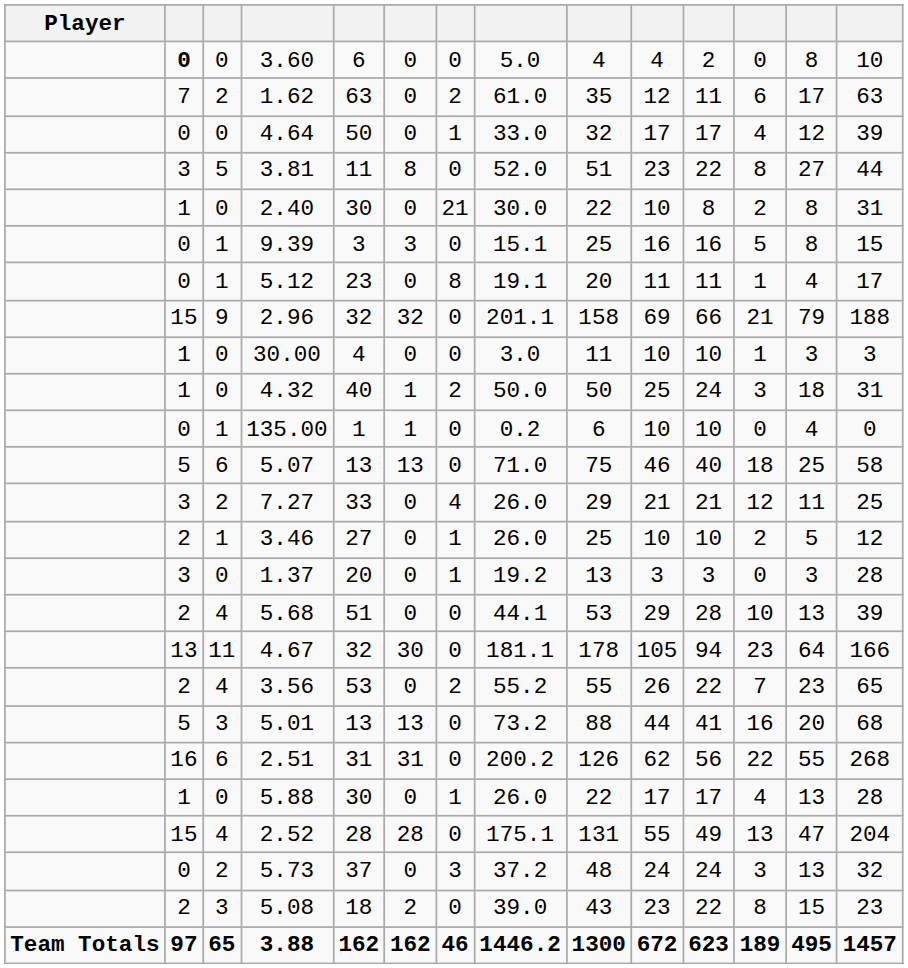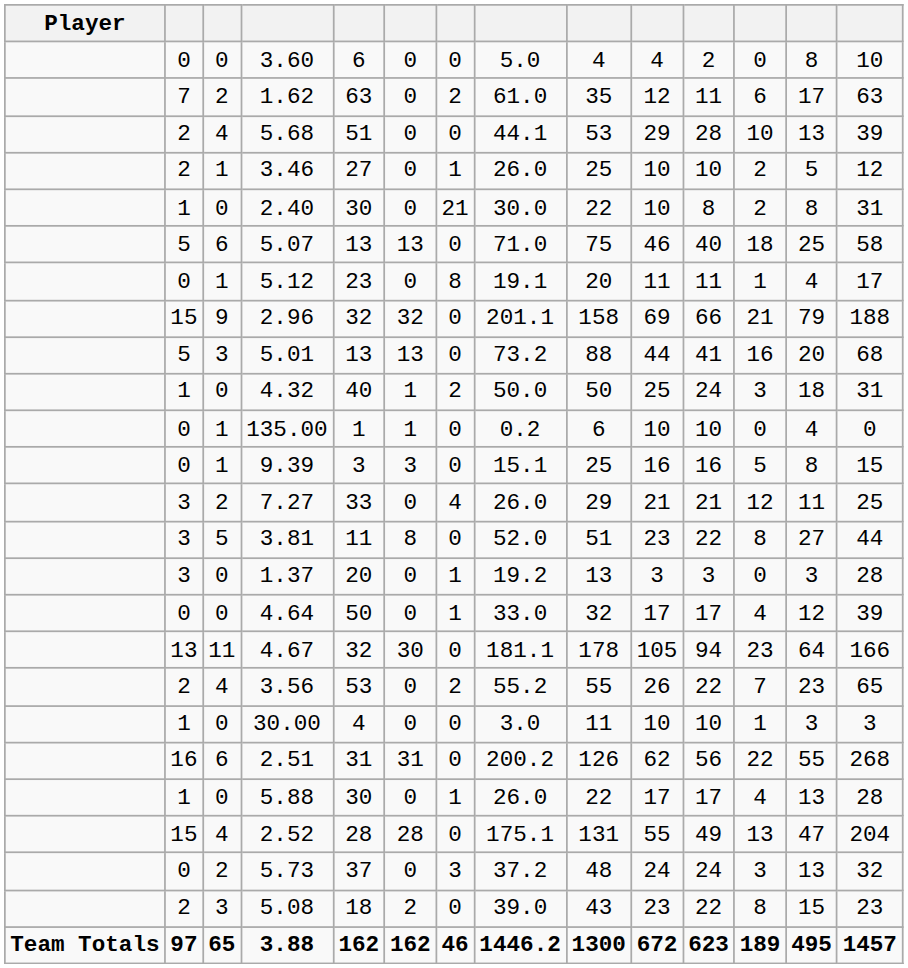 <table class="wikitable sortable" style="text-align:center;">
 <tr>
 <th>Player</th>
 <th></th>
 <th></th>
 <th></th>
 <th></th>
 <th></th>
 <th></th>
 <th></th>
 <th></th>
 <th></th>
 <th></th>
 <th></th>
 <th></th>
 <th></th>
 </tr>
 <tr>
 <td align=left></td>
-<td><strong>0</strong></td>
+<td>0</td>
 <td>0</td>
 <td>3.60</td>
 <td>6</td>
 <td>0</td>
 <td>0</td>
 <td>5.0</td>
 <td>4</td>
 <td>4</td>
 <td>2</td>
 <td>0</td>
 <td>8</td>
 <td>10</td>
 </tr>
 <tr>
 <td align=left></td>
 <td>7</td>
 <td>2</td>
 <td>1.62</td>
 <td>63</td>
 <td>0</td>
 <td>2</td>
 <td>61.0</td>
 <td>35</td>
 <td>12</td>
 <td>11</td>
 <td>6</td>
 <td>17</td>
 <td>63</td>
 </tr>
 <tr>
 <td align=left></td>
+<td>2</td>
+<td>4</td>
+<td>5.68</td>
+<td>51</td>
 <td>0</td>
 <td>0</td>
-<td>4.64</td>
-<td>50</td>
-<td>0</td>
-<td>1</td>
-<td>33.0</td>
-<td>32</td>
-<td>17</td>
-<td>17</td>
-<td>4</td>
-<td>12</td>
+<td>44.1</td>
+<td>53</td>
+<td>29</td>
+<td>28</td>
+<td>10</td>
+<td>13</td>
 <td>39</td>
 </tr>
 <tr>
 <td align=left></td>
-<td>3</td>
+<td>2</td>
+<td>1</td>
+<td>3.46</td>
+<td>27</td>
+<td>0</td>
+<td>1</td>
+<td>26.0</td>
+<td>25</td>
+<td>10</td>
+<td>10</td>
+<td>2</td>
 <td>5</td>
-<td>3.81</td>
-<td>11</td>
-<td>8</td>
-<td>0</td>
-<td>52.0</td>
-<td>51</td>
-<td>23</td>
-<td>22</td>
-<td>8</td>
-<td>27</td>
-<td>44</td>
+<td>12</td>
 </tr>
 <tr>
 <td align=left></td>
 <td>1</td>
 <td>0</td>
 <td>2.40</td>
 <td>30</td>
 <td>0</td>
 <td>21</td>
 <td>30.0</td>
 <td>22</td>
 <td>10</td>
 <td>8</td>
 <td>2</td>
 <td>8</td>
 <td>31</td>
 </tr>
 <tr>
 <td align=left></td>
+<td>5</td>
+<td>6</td>
+<td>5.07</td>
+<td>13</td>
+<td>13</td>
 <td>0</td>
-<td>1</td>
-<td>9.39</td>
-<td>3</td>
-<td>3</td>
-<td>0</td>
-<td>15.1</td>
+<td>71.0</td>
+<td>75</td>
+<td>46</td>
+<td>40</td>
+<td>18</td>
 <td>25</td>
-<td>16</td>
-<td>16</td>
-<td>5</td>
-<td>8</td>
-<td>15</td>
+<td>58</td>
 </tr>
 <tr>
 <td align=left></td>
 <td>0</td>
 <td>1</td>
 <td>5.12</td>
 <td>23</td>
 <td>0</td>
 <td>8</td>
 <td>19.1</td>
 <td>20</td>
 <td>11</td>
 <td>11</td>
 <td>1</td>
 <td>4</td>
 <td>17</td>
 </tr>
 <tr>
 <td align=left></td>
 <td>15</td>
 <td>9</td>
 <td>2.96</td>
 <td>32</td>
 <td>32</td>
 <td>0</td>
 <td>201.1</td>
 <td>158</td>
 <td>69</td>
 <td>66</td>
 <td>21</td>
 <td>79</td>
 <td>188</td>
 </tr>
 <tr>
 <td align=left></td>
-<td>1</td>
+<td>5</td>
+<td>3</td>
+<td>5.01</td>
+<td>13</td>
+<td>13</td>
 <td>0</td>
-<td>30.00</td>
-<td>4</td>
-<td>0</td>
-<td>0</td>
-<td>3.0</td>
-<td>11</td>
-<td>10</td>
-<td>10</td>
-<td>1</td>
-<td>3</td>
-<td>3</td>
+<td>73.2</td>
+<td>88</td>
+<td>44</td>
+<td>41</td>
+<td>16</td>
+<td>20</td>
+<td>68</td>
 </tr>
 <tr>
 <td align=left></td>
 <td>1</td>
 <td>0</td>
 <td>4.32</td>
 <td>40</td>
 <td>1</td>
 <td>2</td>
 <td>50.0</td>
 <td>50</td>
 <td>25</td>
 <td>24</td>
 <td>3</td>
 <td>18</td>
 <td>31</td>
 </tr>
 <tr>
 <td align=left></td>
 <td>0</td>
 <td>1</td>
 <td>135.00</td>
 <td>1</td>
 <td>1</td>
 <td>0</td>
 <td>0.2</td>
 <td>6</td>
 <td>10</td>
 <td>10</td>
 <td>0</td>
 <td>4</td>
 <td>0</td>
 </tr>
 <tr>
 <td align=left></td>
+<td>0</td>
+<td>1</td>
+<td>9.39</td>
+<td>3</td>
+<td>3</td>
+<td>0</td>
+<td>15.1</td>
+<td>25</td>
+<td>16</td>
+<td>16</td>
 <td>5</td>
-<td>6</td>
-<td>5.07</td>
-<td>13</td>
-<td>13</td>
-<td>0</td>
-<td>71.0</td>
-<td>75</td>
-<td>46</td>
-<td>40</td>
-<td>18</td>
-<td>25</td>
-<td>58</td>
+<td>8</td>
+<td>15</td>
 </tr>
 <tr>
 <td align=left></td>
 <td>3</td>
 <td>2</td>
 <td>7.27</td>
 <td>33</td>
 <td>0</td>
 <td>4</td>
 <td>26.0</td>
 <td>29</td>
 <td>21</td>
 <td>21</td>
 <td>12</td>
 <td>11</td>
 <td>25</td>
 </tr>
 <tr>
 <td align=left></td>
-<td>2</td>
-<td>1</td>
-<td>3.46</td>
+<td>3</td>
+<td>5</td>
+<td>3.81</td>
+<td>11</td>
+<td>8</td>
+<td>0</td>
+<td>52.0</td>
+<td>51</td>
+<td>23</td>
+<td>22</td>
+<td>8</td>
 <td>27</td>
-<td>0</td>
-<td>1</td>
-<td>26.0</td>
-<td>25</td>
-<td>10</td>
-<td>10</td>
-<td>2</td>
-<td>5</td>
-<td>12</td>
+<td>44</td>
 </tr>
 <tr>
 <td align=left></td>
 <td>3</td>
 <td>0</td>
 <td>1.37</td>
 <td>20</td>
 <td>0</td>
 <td>1</td>
 <td>19.2</td>
 <td>13</td>
 <td>3</td>
 <td>3</td>
 <td>0</td>
 <td>3</td>
 <td>28</td>
 </tr>
 <tr>
 <td align=left></td>
-<td>2</td>
-<td>4</td>
-<td>5.68</td>
-<td>51</td>
 <td>0</td>
 <td>0</td>
-<td>44.1</td>
-<td>53</td>
-<td>29</td>
-<td>28</td>
-<td>10</td>
-<td>13</td>
+<td>4.64</td>
+<td>50</td>
+<td>0</td>
+<td>1</td>
+<td>33.0</td>
+<td>32</td>
+<td>17</td>
+<td>17</td>
+<td>4</td>
+<td>12</td>
 <td>39</td>
 </tr>
 <tr>
 <td align=left></td>
 <td>13</td>
 <td>11</td>
 <td>4.67</td>
 <td>32</td>
 <td>30</td>
 <td>0</td>
 <td>181.1</td>
 <td>178</td>
 <td>105</td>
 <td>94</td>
 <td>23</td>
 <td>64</td>
 <td>166</td>
 </tr>
 <tr>
 <td align=left></td>
 <td>2</td>
 <td>4</td>
 <td>3.56</td>
 <td>53</td>
 <td>0</td>
 <td>2</td>
 <td>55.2</td>
 <td>55</td>
 <td>26</td>
 <td>22</td>
 <td>7</td>
 <td>23</td>
 <td>65</td>
 </tr>
 <tr>
 <td align=left></td>
-<td>5</td>
+<td>1</td>
+<td>0</td>
+<td>30.00</td>
+<td>4</td>
+<td>0</td>
+<td>0</td>
+<td>3.0</td>
+<td>11</td>
+<td>10</td>
+<td>10</td>
+<td>1</td>
 <td>3</td>
-<td>5.01</td>
-<td>13</td>
-<td>13</td>
-<td>0</td>
-<td>73.2</td>
-<td>88</td>
-<td>44</td>
-<td>41</td>
-<td>16</td>
-<td>20</td>
-<td>68</td>
+<td>3</td>
 </tr>
 <tr>
 <td align=left></td>
 <td>16</td>
 <td>6</td>
 <td>2.51</td>
 <td>31</td>
 <td>31</td>
 <td>0</td>
 <td>200.2</td>
 <td>126</td>
 <td>62</td>
 <td>56</td>
 <td>22</td>
 <td>55</td>
 <td>268</td>
 </tr>
 <tr>
 <td align=left></td>
 <td>1</td>
 <td>0</td>
 <td>5.88</td>
 <td>30</td>
 <td>0</td>
 <td>1</td>
 <td>26.0</td>
 <td>22</td>
 <td>17</td>
 <td>17</td>
 <td>4</td>
 <td>13</td>
 <td>28</td>
 </tr>
 <tr>
 <td align=left></td>
 <td>15</td>
 <td>4</td>
 <td>2.52</td>
 <td>28</td>
 <td>28</td>
 <td>0</td>
 <td>175.1</td>
 <td>131</td>
 <td>55</td>
 <td>49</td>
 <td>13</td>
 <td>47</td>
 <td>204</td>
 </tr>
 <tr>
 <td align=left></td>
 <td>0</td>
 <td>2</td>
 <td>5.73</td>
 <td>37</td>
 <td>0</td>
 <td>3</td>
 <td>37.2</td>
 <td>48</td>
 <td>24</td>
 <td>24</td>
 <td>3</td>
 <td>13</td>
 <td>32</td>
 </tr>
 <tr>
 <td align=left></td>
 <td>2</td>
 <td>3</td>
 <td>5.08</td>
 <td>18</td>
 <td>2</td>
 <td>0</td>
 <td>39.0</td>
 <td>43</td>
 <td>23</td>
 <td>22</td>
 <td>8</td>
 <td>15</td>
 <td>23</td>
 </tr>
 <tr>
 <td align=left><strong>Team Totals</strong></td>
 <td><strong>97</strong></td>
 <td><strong>65</strong></td>
 <td><strong>3.88</strong></td>
 <td><strong>162</strong></td>
 <td><strong>162</strong></td>
 <td><strong>46</strong></td>
 <td><strong>1446.2</strong></td>
 <td><strong>1300</strong></td>
 <td><strong>672</strong></td>
 <td><strong>623</strong></td>
 <td><strong>189</strong></td>
 <td><strong>495</strong></td>
 <td><strong>1457</strong></td>
 </tr>
 <tr class=="sortbottom">
 </tr>
 </table>
